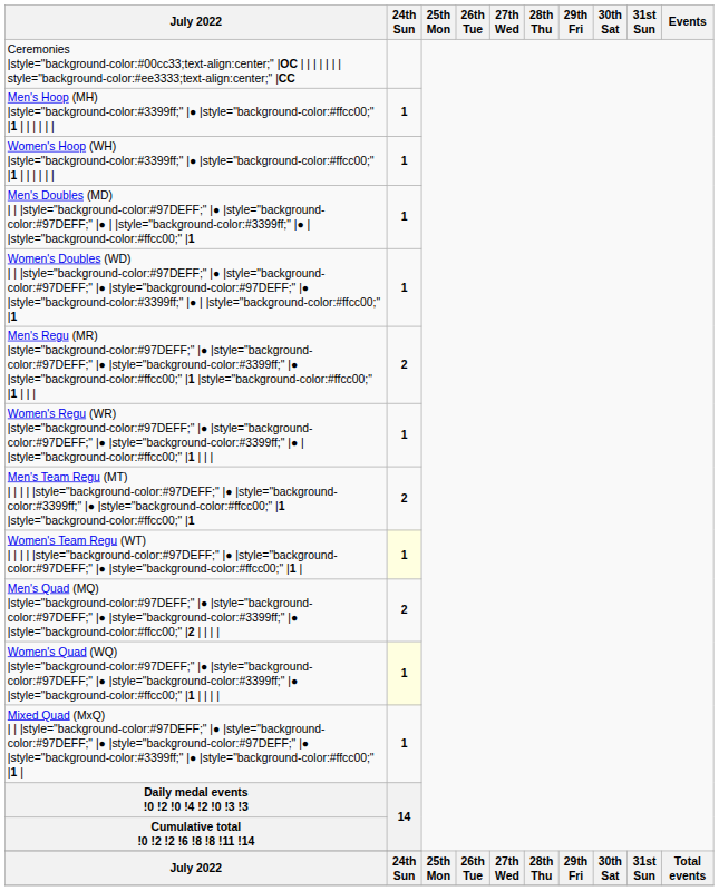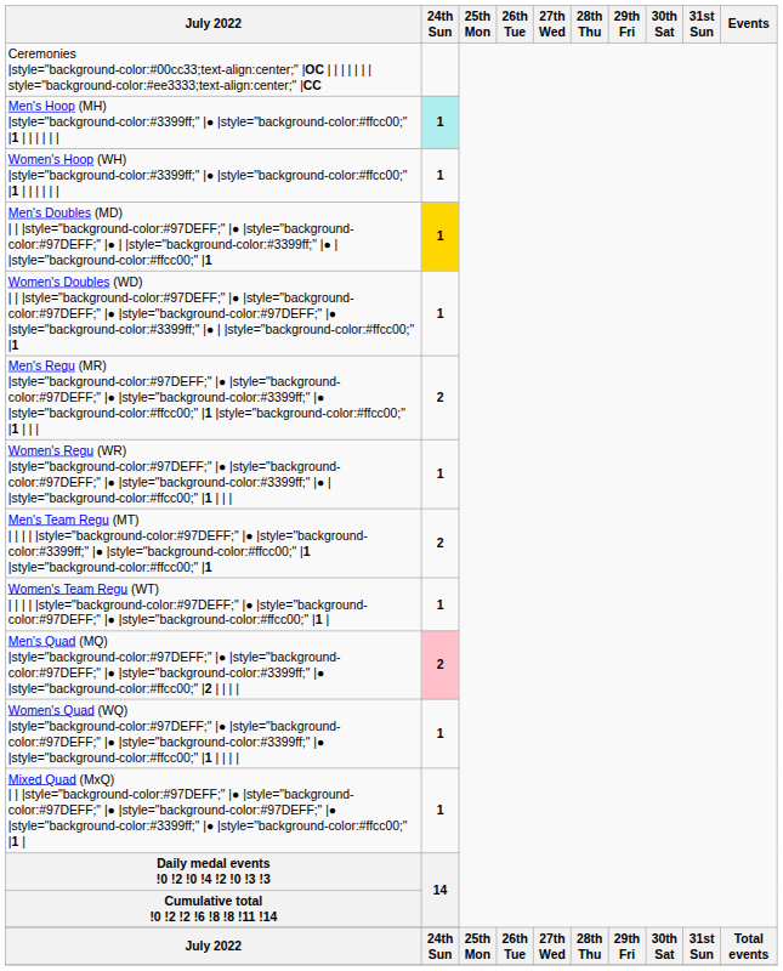 <table class="wikitable" style="margin:0.5em auto; font-size:90%; line-height:1.25em;">
 <tr>
 <th>July 2022</th>
 <th style="width:2.5em">24th<br>Sun</th>
 <th style="width:2.5em">25th<br>Mon</th>
 <th style="width:2.5em">26th<br>Tue</th>
 <th style="width:2.5em">27th<br>Wed</th>
 <th style="width:2.5em">28th<br>Thu</th>
 <th style="width:2.5em">29th<br>Fri</th>
 <th style="width:2.5em">30th<br>Sat</th>
 <th style="width:2.5em">31st<br>Sun</th>
 <th>Events</th>
 </tr>
 <tr style="text-align:center;">
 <td style="text-align:left;">Ceremonies<br>|style="background-color:#00cc33;text-align:center;" |<strong>OC</strong> | | | | | | | style="background-color:#ee3333;text-align:center;" |<strong>CC</strong></td>
 <td></td>
 </tr>
 <tr style="text-align:center;">
 <td style="text-align:left;"><a href='#'>Men's Hoop</a> (MH)<br>|style="background-color:#3399ff;" |● |style="background-color:#ffcc00;" |<strong>1</strong> | | | | | |</td>
-<td><strong>1</strong></td>
+<td style="background: paleturquoise;"><strong>1</strong></td>
 </tr>
 <tr style="text-align:center;">
 <td style="text-align:left;"><a href='#'>Women's Hoop</a> (WH)<br>|style="background-color:#3399ff;" |● |style="background-color:#ffcc00;" |<strong>1</strong> | | | | | |</td>
 <td><strong>1</strong></td>
 </tr>
 <tr style="text-align:center;">
 <td style="text-align:left;"><a href='#'>Men's Doubles</a> (MD)<br>| | |style="background-color:#97DEFF;" |● |style="background-color:#97DEFF;" |● | |style="background-color:#3399ff;" |● | |style="background-color:#ffcc00;" |<strong>1</strong></td>
-<td><strong>1</strong></td>
+<td style="background: gold;"><strong>1</strong></td>
 </tr>
 <tr style="text-align:center;">
 <td style="text-align:left;"><a href='#'>Women's Doubles</a> (WD)<br>| | |style="background-color:#97DEFF;" |● |style="background-color:#97DEFF;" |● |style="background-color:#97DEFF;" |● |style="background-color:#3399ff;" |● | |style="background-color:#ffcc00;" |<strong>1</strong></td>
 <td><strong>1</strong></td>
 </tr>
 <tr style="text-align:center;">
 <td style="text-align:left;"><a href='#'>Men's Regu</a> (MR)<br>|style="background-color:#97DEFF;" |● |style="background-color:#97DEFF;" |● |style="background-color:#3399ff;" |● |style="background-color:#ffcc00;" |<strong>1</strong> |style="background-color:#ffcc00;" |<strong>1</strong> | | |</td>
 <td><strong>2</strong></td>
 </tr>
 <tr style="text-align:center;">
 <td style="text-align:left;"><a href='#'>Women's Regu</a> (WR)<br>|style="background-color:#97DEFF;" |● |style="background-color:#97DEFF;" |● |style="background-color:#3399ff;" |● | |style="background-color:#ffcc00;" |<strong>1</strong> | | |</td>
 <td><strong>1</strong></td>
 </tr>
 <tr style="text-align:center;">
 <td style="text-align:left;"><a href='#'>Men's Team Regu</a> (MT)<br>| | | | |style="background-color:#97DEFF;" |● |style="background-color:#3399ff;" |● |style="background-color:#ffcc00;" |<strong>1</strong> |style="background-color:#ffcc00;" |<strong>1</strong></td>
 <td><strong>2</strong></td>
 </tr>
 <tr style="text-align:center;">
 <td style="text-align:left;"><a href='#'>Women's Team Regu</a> (WT)<br>| | | | |style="background-color:#97DEFF;" |● |style="background-color:#97DEFF;" |● |style="background-color:#ffcc00;" |<strong>1</strong> |</td>
-<td style="background: lightyellow;"><strong>1</strong></td>
+<td><strong>1</strong></td>
 </tr>
 <tr style="text-align:center;">
 <td style="text-align:left;"><a href='#'>Men's Quad</a> (MQ)<br>|style="background-color:#97DEFF;" |● |style="background-color:#97DEFF;" |● |style="background-color:#3399ff;" |● |style="background-color:#ffcc00;" |<strong>2</strong> | | | |</td>
-<td><strong>2</strong></td>
+<td style="background: pink;"><strong>2</strong></td>
 </tr>
 <tr style="text-align:center;">
 <td style="text-align:left;"><a href='#'>Women's Quad</a> (WQ)<br>|style="background-color:#97DEFF;" |● |style="background-color:#97DEFF;" |● |style="background-color:#3399ff;" |● |style="background-color:#ffcc00;" |<strong>1</strong> | | | |</td>
-<td style="background: lightyellow;"><strong>1</strong></td>
+<td><strong>1</strong></td>
 </tr>
 <tr style="text-align:center;">
 <td style="text-align:left;"><a href='#'>Mixed Quad</a> (MxQ)<br>| | |style="background-color:#97DEFF;" |● |style="background-color:#97DEFF;" |● |style="background-color:#97DEFF;" |● |style="background-color:#3399ff;" |● |style="background-color:#ffcc00;" |<strong>1</strong> |</td>
 <td><strong>1</strong></td>
 </tr>
 <tr style="text-align:center;">
 <th>Daily medal events<br>!0 !2 !0 !4 !2 !0 !3 !3</th>
 <th rowspan=2>14</th>
 </tr>
 <tr style="text-align:center;">
 <th>Cumulative total<br>!0 !2 !2 !6 !8 !8 !11 !14</th>
 </tr>
 <tr>
 </tr>
 <tr>
 <th>July 2022</th>
 <th style="width:2.5em">24th<br>Sun</th>
 <th style="width:2.5em">25th<br>Mon</th>
 <th style="width:2.5em">26th<br>Tue</th>
 <th style="width:2.5em">27th<br>Wed</th>
 <th style="width:2.5em">28th<br>Thu</th>
 <th style="width:2.5em">29th<br>Fri</th>
 <th style="width:2.5em">30th<br>Sat</th>
 <th style="width:2.5em">31st<br>Sun</th>
 <th>Total events</th>
 </tr>
 <tr>
 </tr>
 </table>
